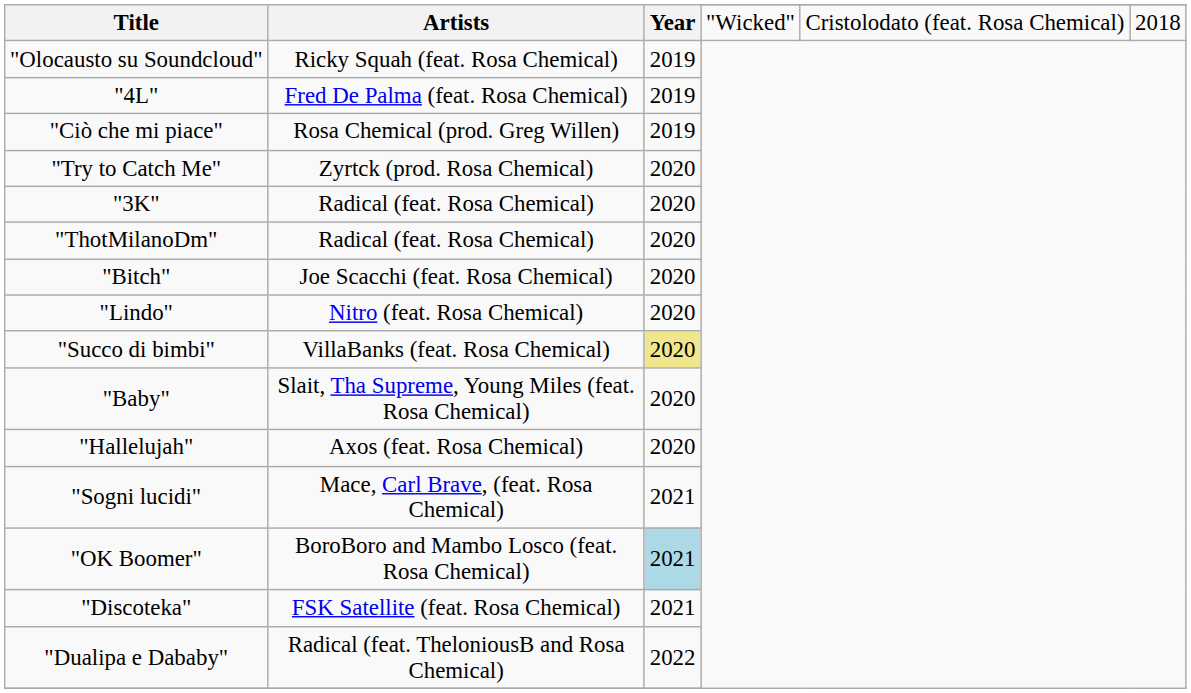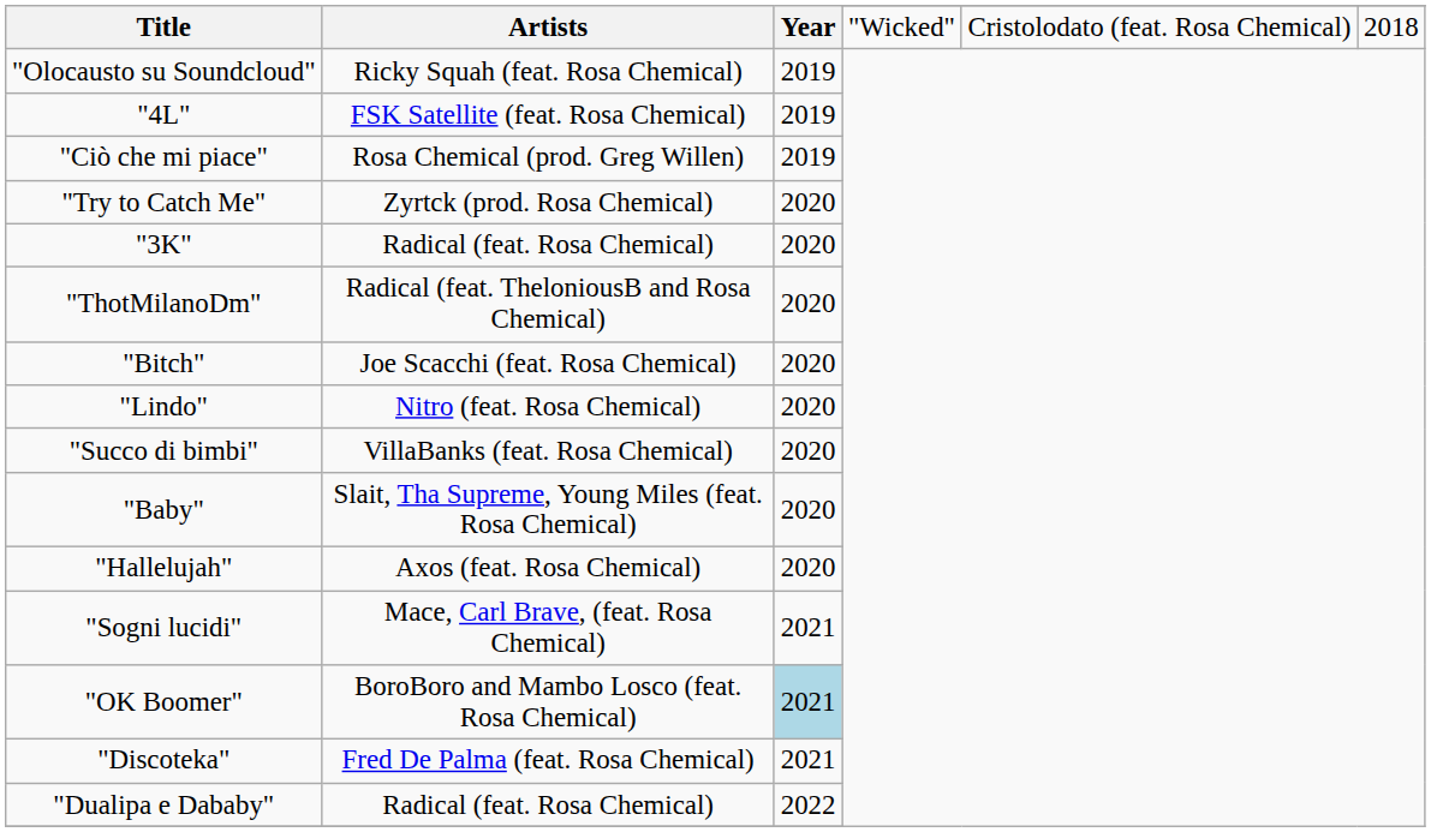 <table class="wikitable sortable plainrowheaders" style="text-align:center;">
 <tr>
 <th rowspan="2" scope="col" style="width;16em;">Title</th>
 <th rowspan="2" scope="col" style="width:16em;">Artists</th>
 <th rowspan="2" scope="col" style="width:1em;">Year</th>
 </tr>
 <tr>
 <td>"Wicked"</td>
 <td>Cristolodato (feat. Rosa Chemical)</td>
 <td>2018</td>
 </tr>
 <tr>
 <td>"Olocausto su Soundcloud"</td>
 <td>Ricky Squah (feat. Rosa Chemical)</td>
 <td>2019</td>
 </tr>
 <tr>
 <td>"4L"</td>
-<td><a href='#'>Fred De Palma</a> (feat. Rosa Chemical)</td>
+<td><a href='#'>FSK Satellite</a> (feat. Rosa Chemical)</td>
 <td>2019</td>
 </tr>
 <tr>
 <td>"Ciò che mi piace"</td>
 <td>Rosa Chemical (prod. Greg Willen)</td>
 <td>2019</td>
 </tr>
 <tr>
 <td>"Try to Catch Me"</td>
 <td>Zyrtck (prod. Rosa Chemical)</td>
 <td>2020</td>
 </tr>
 <tr>
 <td>"3K"</td>
 <td>Radical (feat. Rosa Chemical)</td>
 <td>2020</td>
 </tr>
 <tr>
 <td>"ThotMilanoDm"</td>
-<td>Radical (feat. Rosa Chemical)</td>
+<td>Radical (feat. TheloniousB and Rosa Chemical)</td>
 <td>2020</td>
 </tr>
 <tr>
 <td>"Bitch"</td>
 <td>Joe Scacchi (feat. Rosa Chemical)</td>
 <td>2020</td>
 </tr>
 <tr>
 <td>"Lindo"</td>
 <td><a href='#'>Nitro</a> (feat. Rosa Chemical)</td>
 <td>2020</td>
 </tr>
 <tr>
 <td>"Succo di bimbi"</td>
 <td>VillaBanks (feat. Rosa Chemical)</td>
-<td style="background: khaki;">2020</td>
+<td>2020</td>
 </tr>
 <tr>
 <td>"Baby"</td>
 <td>Slait, <a href='#'>Tha Supreme</a>, Young Miles (feat. Rosa Chemical)</td>
 <td>2020</td>
 </tr>
 <tr>
 <td>"Hallelujah"</td>
 <td>Axos (feat. Rosa Chemical)</td>
 <td>2020</td>
 </tr>
 <tr>
 <td>"Sogni lucidi"</td>
 <td>Mace, <a href='#'>Carl Brave</a>, (feat. Rosa Chemical)</td>
 <td>2021</td>
 </tr>
 <tr>
 <td>"OK Boomer"</td>
 <td>BoroBoro and Mambo Losco (feat. Rosa Chemical)</td>
 <td style="background: lightblue;">2021</td>
 </tr>
 <tr>
 <td>"Discoteka"</td>
-<td><a href='#'>FSK Satellite</a> (feat. Rosa Chemical)</td>
+<td><a href='#'>Fred De Palma</a> (feat. Rosa Chemical)</td>
 <td>2021</td>
 </tr>
 <tr>
 <td>"Dualipa e Dababy"</td>
-<td>Radical (feat. TheloniousB and Rosa Chemical)</td>
+<td>Radical (feat. Rosa Chemical)</td>
 <td>2022</td>
 </tr>
 <tr>
 </tr>
 </table>
